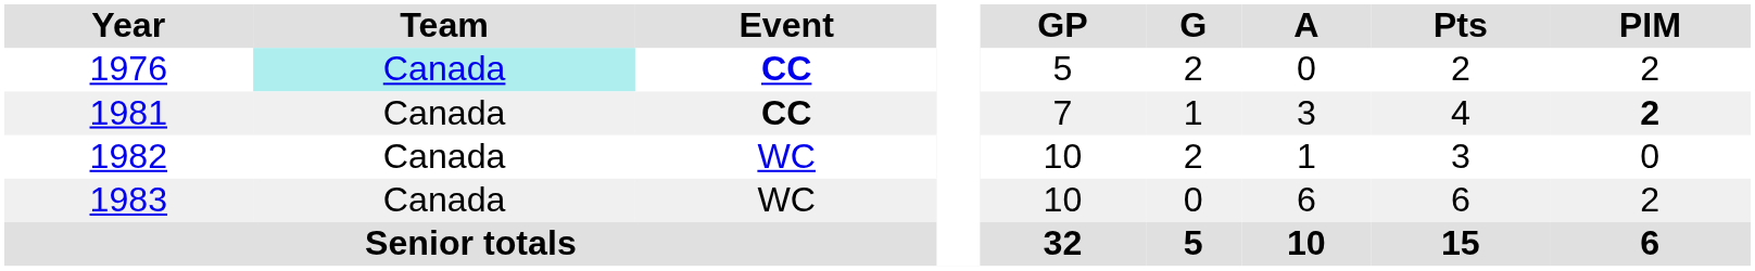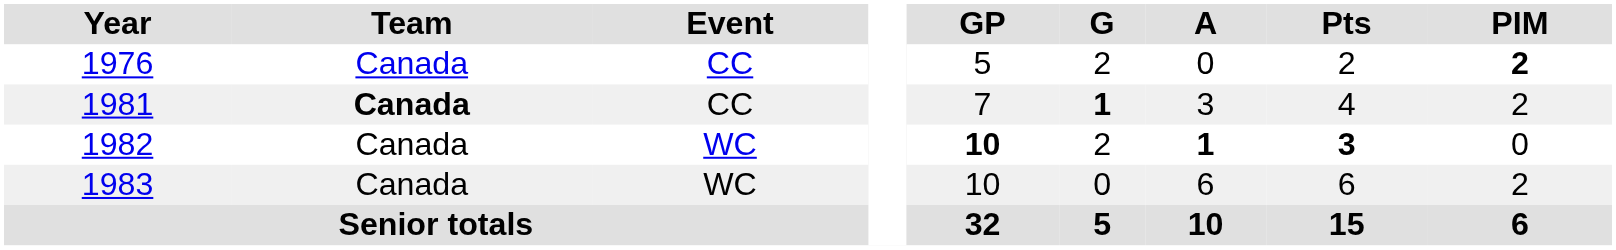 <table border="0" cellpadding="1" cellspacing="0" style="text-align:center; width:50em">
 <tr ALIGN="center" bgcolor="#e0e0e0">
 <th>Year</th>
 <th>Team</th>
 <th>Event</th>
 <th rowspan="99" bgcolor="#ffffff"> </th>
 <th>GP</th>
 <th>G</th>
 <th>A</th>
 <th>Pts</th>
 <th>PIM</th>
 </tr>
 <tr>
 <td><a href='#'>1976</a></td>
-<td style="background: paleturquoise;"><a href='#'>Canada</a></td>
-<td><strong><a href='#'>CC</a></strong></td>
+<td><a href='#'>Canada</a></td>
+<td><a href='#'>CC</a></td>
 <td>5</td>
 <td>2</td>
 <td>0</td>
 <td>2</td>
-<td>2</td>
+<td><strong>2</strong></td>
 </tr>
 <tr bgcolor="#f0f0f0">
 <td><a href='#'>1981</a></td>
-<td>Canada</td>
-<td><strong>CC</strong></td>
+<td><strong>Canada</strong></td>
+<td>CC</td>
 <td>7</td>
-<td>1</td>
+<td><strong>1</strong></td>
 <td>3</td>
 <td>4</td>
-<td><strong>2</strong></td>
+<td>2</td>
 </tr>
 <tr>
 <td><a href='#'>1982</a></td>
 <td>Canada</td>
 <td><a href='#'>WC</a></td>
-<td>10</td>
+<td><strong>10</strong></td>
 <td>2</td>
-<td>1</td>
-<td>3</td>
+<td><strong>1</strong></td>
+<td><strong>3</strong></td>
 <td>0</td>
 </tr>
 <tr bgcolor="#f0f0f0">
 <td><a href='#'>1983</a></td>
 <td>Canada</td>
 <td>WC</td>
 <td>10</td>
 <td>0</td>
 <td>6</td>
 <td>6</td>
 <td>2</td>
 </tr>
 <tr bgcolor="#e0e0e0">
 <th colspan=3>Senior totals</th>
 <th>32</th>
 <th>5</th>
 <th>10</th>
 <th>15</th>
 <th>6</th>
 </tr>
 </table>
